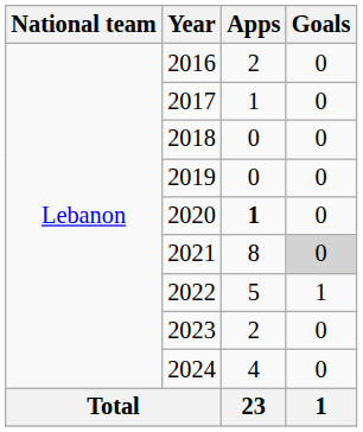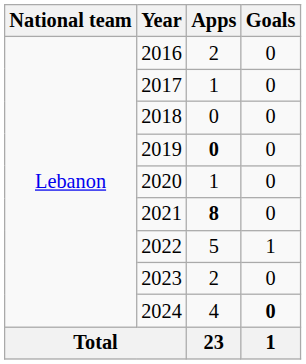 <table class="wikitable" style="text-align:center">
 <tr>
 <th>National team</th>
 <th>Year</th>
 <th>Apps</th>
 <th>Goals</th>
 </tr>
 <tr>
 <td rowspan="9"><a href='#'>Lebanon</a></td>
 <td>2016</td>
 <td>2</td>
 <td>0</td>
 </tr>
 <tr>
 <td>2017</td>
 <td>1</td>
 <td>0</td>
 </tr>
 <tr>
 <td>2018</td>
 <td>0</td>
 <td>0</td>
 </tr>
 <tr>
 <td>2019</td>
-<td>0</td>
+<td><strong>0</strong></td>
 <td>0</td>
 </tr>
 <tr>
 <td>2020</td>
-<td><strong>1</strong></td>
+<td>1</td>
 <td>0</td>
 </tr>
 <tr>
 <td>2021</td>
-<td>8</td>
-<td style="background: lightgrey;">0</td>
+<td><strong>8</strong></td>
+<td>0</td>
 </tr>
 <tr>
 <td>2022</td>
 <td>5</td>
 <td>1</td>
 </tr>
 <tr>
 <td>2023</td>
 <td>2</td>
 <td>0</td>
 </tr>
 <tr>
 <td>2024</td>
 <td>4</td>
-<td>0</td>
+<td><strong>0</strong></td>
 </tr>
 <tr>
 <th colspan="2">Total</th>
 <th>23</th>
 <th>1</th>
 </tr>
 </table>
